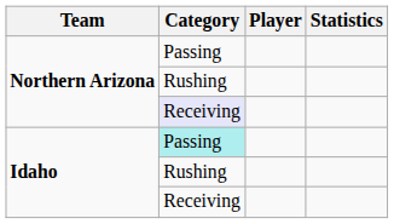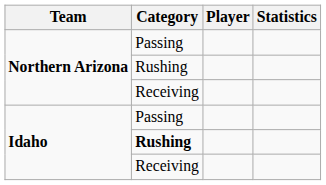 <table class="wikitable" style="float: right;">
 <tr>
 <th>Team</th>
 <th>Category</th>
 <th>Player</th>
 <th>Statistics</th>
 </tr>
 <tr>
 <td rowspan=3><strong>Northern Arizona</strong></td>
 <td>Passing</td>
 <td></td>
 <td></td>
 </tr>
 <tr>
 <td>Rushing</td>
 <td></td>
 <td></td>
 </tr>
 <tr>
-<td style="background: lavender;">Receiving</td>
+<td>Receiving</td>
 <td></td>
 <td></td>
 </tr>
 <tr>
 <td rowspan=3><strong>Idaho</strong></td>
-<td style="background: paleturquoise;">Passing</td>
+<td>Passing</td>
 <td></td>
 <td></td>
 </tr>
 <tr>
-<td>Rushing</td>
+<td><strong>Rushing</strong></td>
 <td></td>
 <td></td>
 </tr>
 <tr>
 <td>Receiving</td>
 <td></td>
 <td></td>
 </tr>
 </table>
